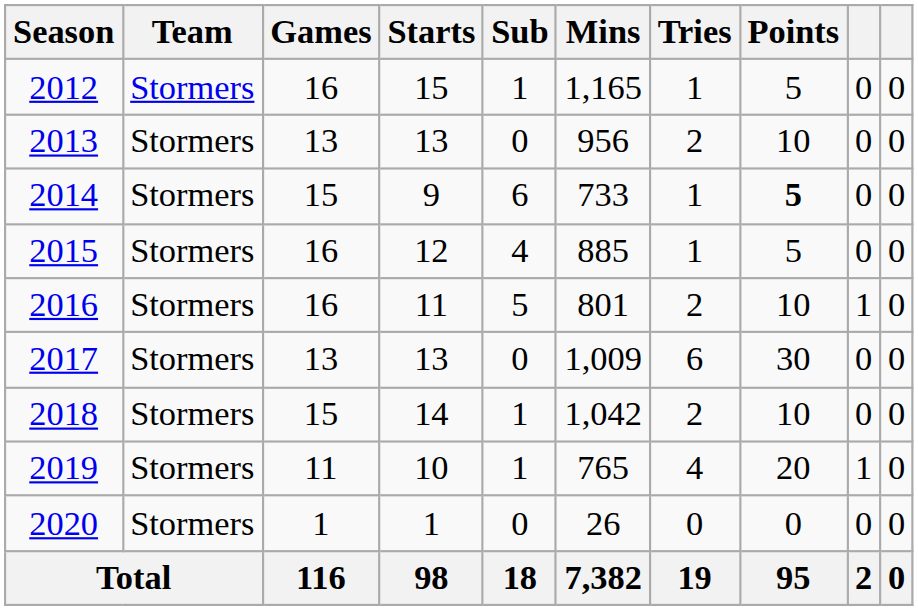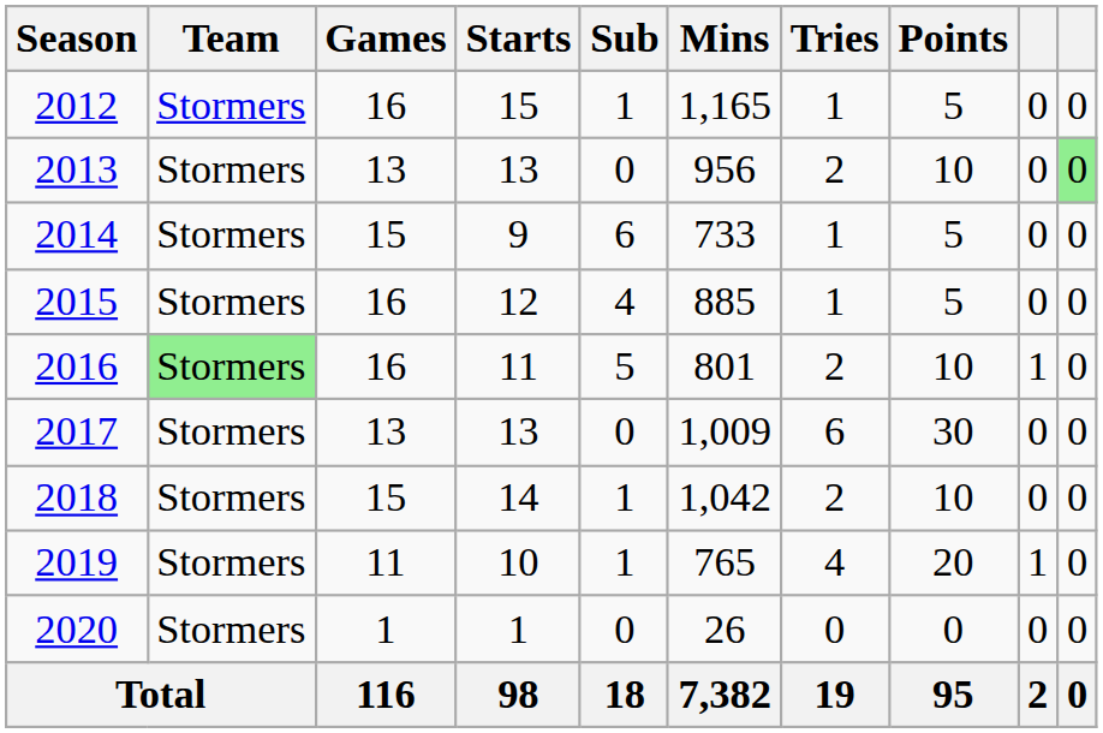 <table class="wikitable" style="text-align:center">
 <tr>
 <th>Season</th>
 <th>Team</th>
 <th>Games</th>
 <th>Starts</th>
 <th>Sub</th>
 <th>Mins</th>
 <th>Tries</th>
 <th>Points</th>
 <th></th>
 <th></th>
 </tr>
 <tr>
 <td><a href='#'>2012</a></td>
 <td><a href='#'>Stormers</a></td>
 <td>16</td>
 <td>15</td>
 <td>1</td>
 <td>1,165</td>
 <td>1</td>
 <td>5</td>
 <td>0</td>
 <td>0</td>
 </tr>
 <tr>
 <td><a href='#'>2013</a></td>
 <td>Stormers</td>
 <td>13</td>
 <td>13</td>
 <td>0</td>
 <td>956</td>
 <td>2</td>
 <td>10</td>
 <td>0</td>
-<td>0</td>
+<td style="background: lightgreen;">0</td>
 </tr>
 <tr>
 <td><a href='#'>2014</a></td>
 <td>Stormers</td>
 <td>15</td>
 <td>9</td>
 <td>6</td>
 <td>733</td>
 <td>1</td>
-<td><strong>5</strong></td>
+<td>5</td>
 <td>0</td>
 <td>0</td>
 </tr>
 <tr>
 <td><a href='#'>2015</a></td>
 <td>Stormers</td>
 <td>16</td>
 <td>12</td>
 <td>4</td>
 <td>885</td>
 <td>1</td>
 <td>5</td>
 <td>0</td>
 <td>0</td>
 </tr>
 <tr>
 <td><a href='#'>2016</a></td>
-<td>Stormers</td>
+<td style="background: lightgreen;">Stormers</td>
 <td>16</td>
 <td>11</td>
 <td>5</td>
 <td>801</td>
 <td>2</td>
 <td>10</td>
 <td>1</td>
 <td>0</td>
 </tr>
 <tr>
 <td><a href='#'>2017</a></td>
 <td>Stormers</td>
 <td>13</td>
 <td>13</td>
 <td>0</td>
 <td>1,009</td>
 <td>6</td>
 <td>30</td>
 <td>0</td>
 <td>0</td>
 </tr>
 <tr>
 <td><a href='#'>2018</a></td>
 <td>Stormers</td>
 <td>15</td>
 <td>14</td>
 <td>1</td>
 <td>1,042</td>
 <td>2</td>
 <td>10</td>
 <td>0</td>
 <td>0</td>
 </tr>
 <tr>
 <td><a href='#'>2019</a></td>
 <td>Stormers</td>
 <td>11</td>
 <td>10</td>
 <td>1</td>
 <td>765</td>
 <td>4</td>
 <td>20</td>
 <td>1</td>
 <td>0</td>
 </tr>
 <tr>
 <td><a href='#'>2020</a></td>
 <td>Stormers</td>
 <td>1</td>
 <td>1</td>
 <td>0</td>
 <td>26</td>
 <td>0</td>
 <td>0</td>
 <td>0</td>
 <td>0</td>
 </tr>
 <tr>
 <th colspan="2">Total</th>
 <th>116</th>
 <th>98</th>
 <th>18</th>
 <th>7,382</th>
 <th>19</th>
 <th>95</th>
 <th>2</th>
 <th>0</th>
 </tr>
 </table>
